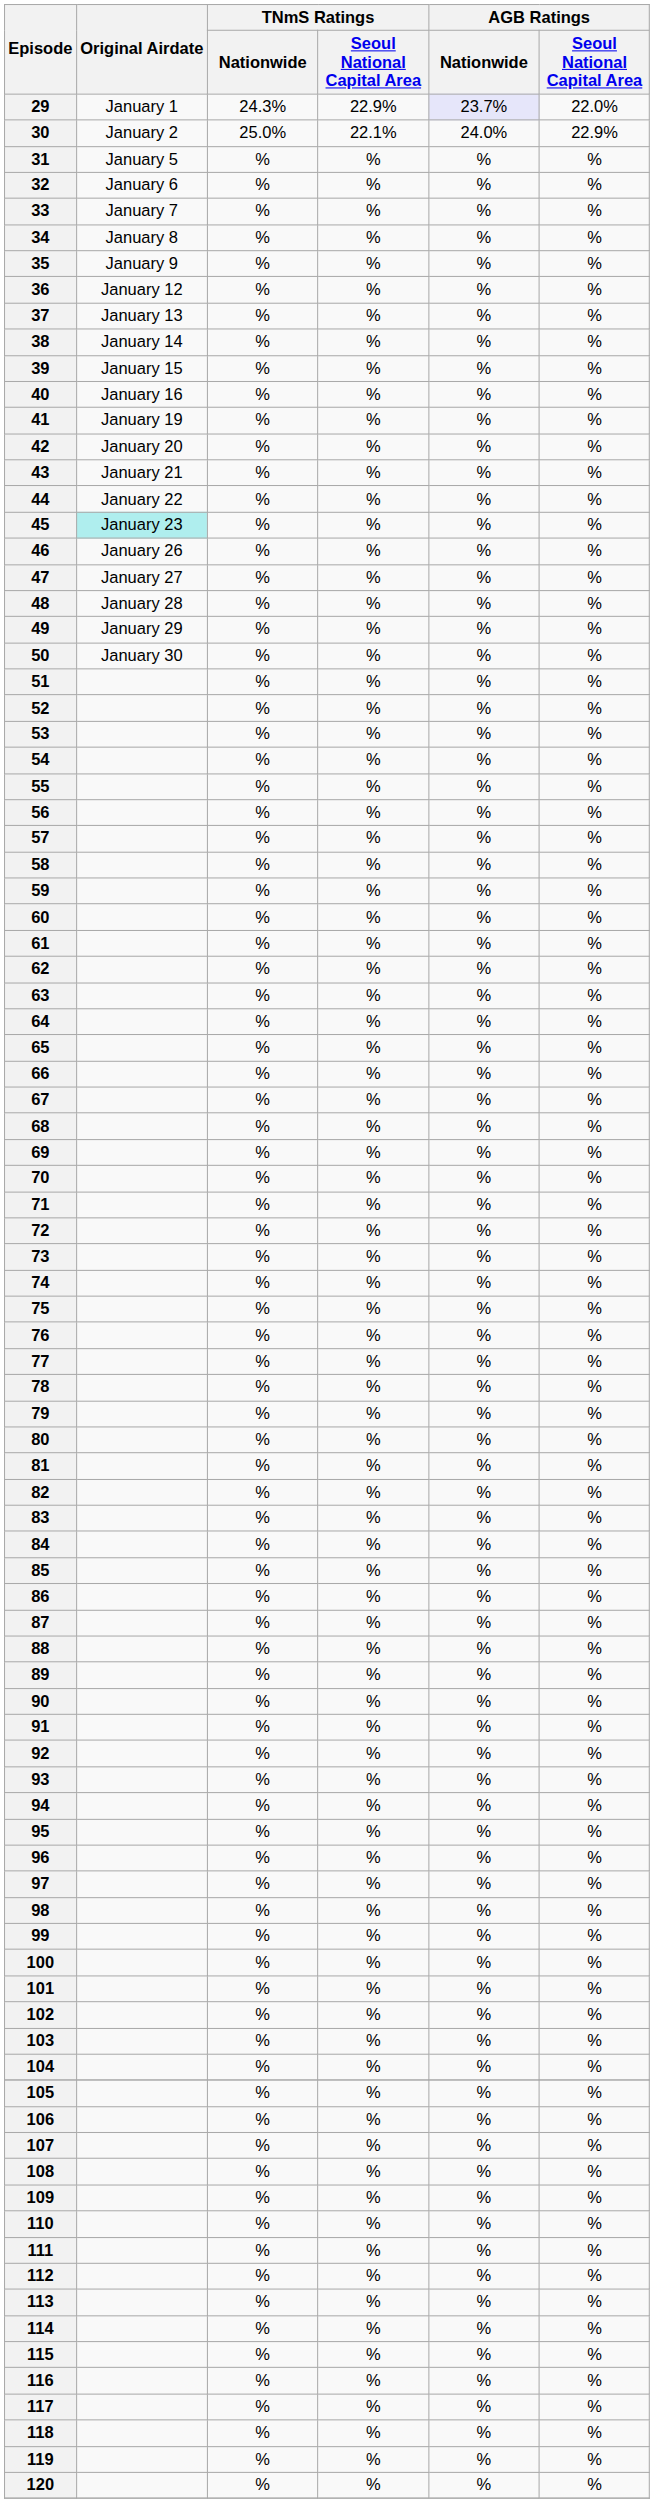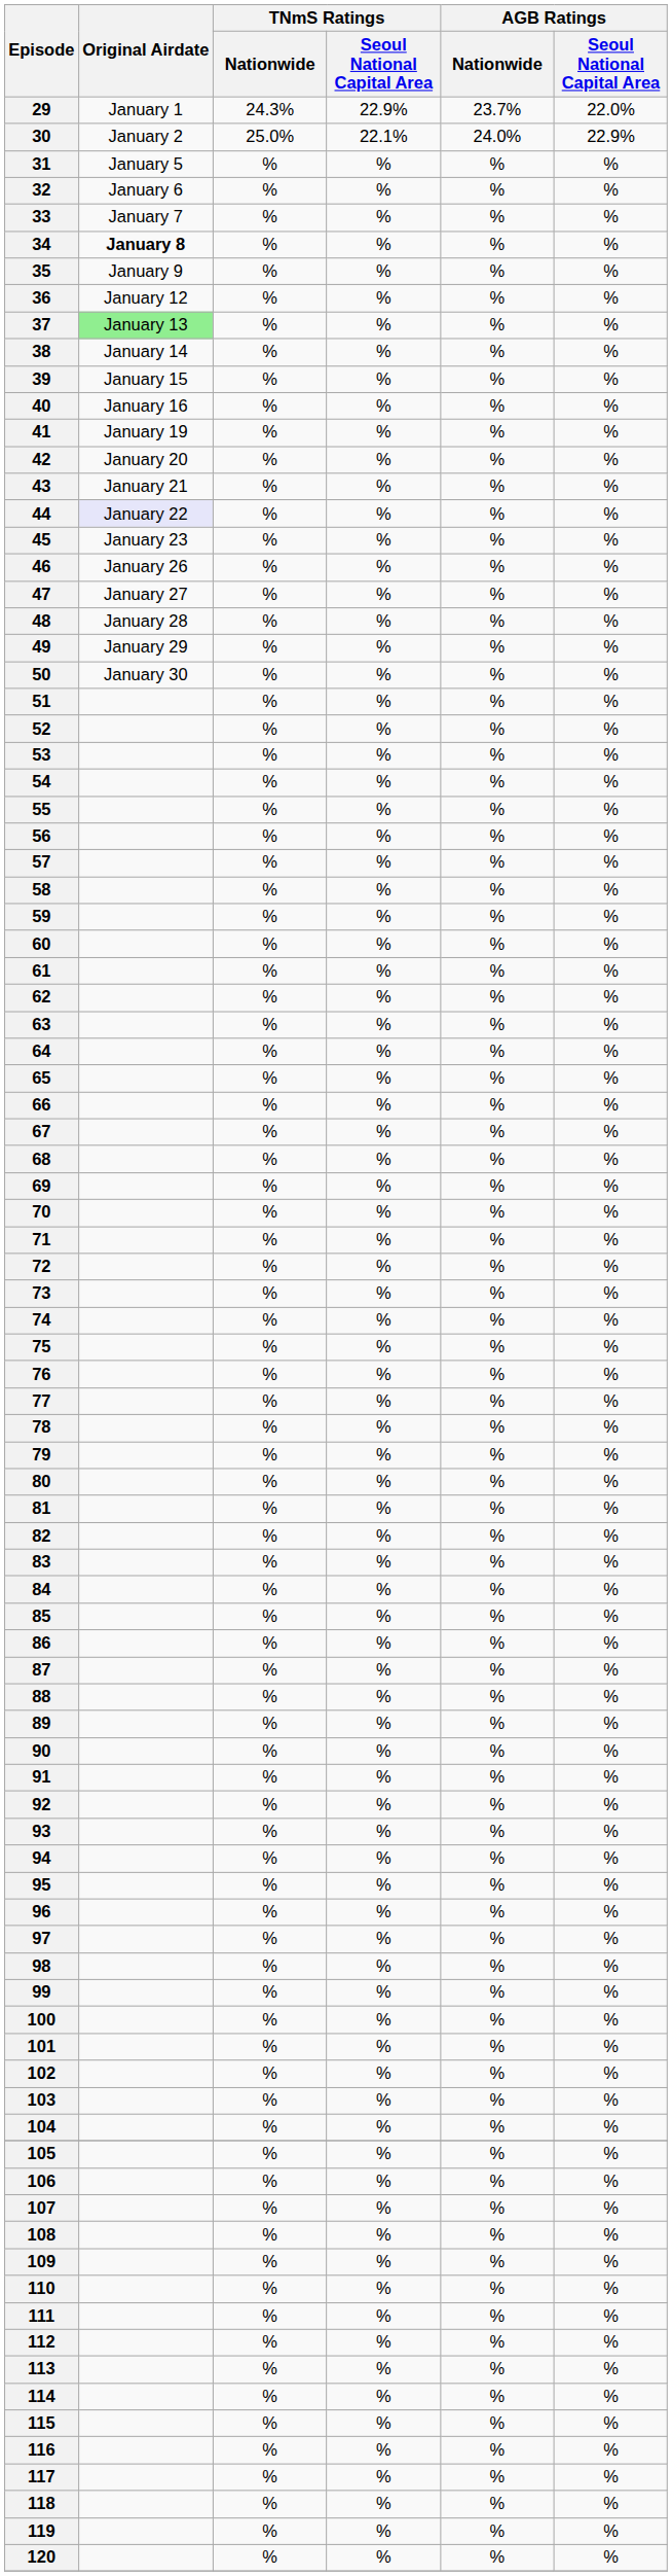 <table class=wikitable style="text-align:center">
 <tr>
 <th rowspan="2" width=40>Episode</th>
 <th rowspan="2" width=120>Original Airdate</th>
 <th colspan="2">TNmS Ratings</th>
 <th colspan="2">AGB Ratings</th>
 </tr>
 <tr>
 <th width=100>Nationwide</th>
 <th width=100><a href='#'>Seoul National Capital Area</a></th>
 <th width=100>Nationwide</th>
 <th width=100><a href='#'>Seoul National Capital Area</a></th>
 </tr>
 <tr>
 <th>29</th>
 <td>January 1</td>
 <td>24.3%</td>
 <td>22.9%</td>
-<td style="background: lavender;">23.7%</td>
+<td>23.7%</td>
 <td>22.0%</td>
 </tr>
 <tr align=center>
 <th>30</th>
 <td>January 2</td>
 <td>25.0%</td>
 <td>22.1%</td>
 <td>24.0%</td>
 <td>22.9%</td>
 </tr>
 <tr align=center>
 <th>31</th>
 <td>January 5</td>
 <td>%</td>
 <td>%</td>
 <td>%</td>
 <td>%</td>
 </tr>
 <tr align=center>
 <th>32</th>
 <td>January 6</td>
 <td>%</td>
 <td>%</td>
 <td>%</td>
 <td>%</td>
 </tr>
 <tr align=center>
 <th>33</th>
 <td>January 7</td>
 <td>%</td>
 <td>%</td>
 <td>%</td>
 <td>%</td>
 </tr>
 <tr align=center>
 <th>34</th>
-<td>January 8</td>
+<td><strong>January 8</strong></td>
 <td>%</td>
 <td>%</td>
 <td>%</td>
 <td>%</td>
 </tr>
 <tr align=center>
 <th>35</th>
 <td>January 9</td>
 <td>%</td>
 <td>%</td>
 <td>%</td>
 <td>%</td>
 </tr>
 <tr align=center>
 <th>36</th>
 <td>January 12</td>
 <td>%</td>
 <td>%</td>
 <td>%</td>
 <td>%</td>
 </tr>
 <tr align=center>
 <th>37</th>
-<td>January 13</td>
+<td style="background: lightgreen;">January 13</td>
 <td>%</td>
 <td>%</td>
 <td>%</td>
 <td>%</td>
 </tr>
 <tr align=center>
 <th>38</th>
 <td>January 14</td>
 <td>%</td>
 <td>%</td>
 <td>%</td>
 <td>%</td>
 </tr>
 <tr align=center>
 <th>39</th>
 <td>January 15</td>
 <td>%</td>
 <td>%</td>
 <td>%</td>
 <td>%</td>
 </tr>
 <tr align=center>
 <th>40</th>
 <td>January 16</td>
 <td>%</td>
 <td>%</td>
 <td>%</td>
 <td>%</td>
 </tr>
 <tr align=center>
 <th>41</th>
 <td>January 19</td>
 <td>%</td>
 <td>%</td>
 <td>%</td>
 <td>%</td>
 </tr>
 <tr align=center>
 <th>42</th>
 <td>January 20</td>
 <td>%</td>
 <td>%</td>
 <td>%</td>
 <td>%</td>
 </tr>
 <tr align=center>
 <th>43</th>
 <td>January 21</td>
 <td>%</td>
 <td>%</td>
 <td>%</td>
 <td>%</td>
 </tr>
 <tr align=center>
 <th>44</th>
-<td>January 22</td>
+<td style="background: lavender;">January 22</td>
 <td>%</td>
 <td>%</td>
 <td>%</td>
 <td>%</td>
 </tr>
 <tr align=center>
 <th>45</th>
-<td style="background: paleturquoise;">January 23</td>
+<td>January 23</td>
 <td>%</td>
 <td>%</td>
 <td>%</td>
 <td>%</td>
 </tr>
 <tr align=center>
 <th>46</th>
 <td>January 26</td>
 <td>%</td>
 <td>%</td>
 <td>%</td>
 <td>%</td>
 </tr>
 <tr align=center>
 <th>47</th>
 <td>January 27</td>
 <td>%</td>
 <td>%</td>
 <td>%</td>
 <td>%</td>
 </tr>
 <tr align=center>
 <th>48</th>
 <td>January 28</td>
 <td>%</td>
 <td>%</td>
 <td>%</td>
 <td>%</td>
 </tr>
 <tr align=center>
 <th>49</th>
 <td>January 29</td>
 <td>%</td>
 <td>%</td>
 <td>%</td>
 <td>%</td>
 </tr>
 <tr align=center>
 <th>50</th>
 <td>January 30</td>
 <td>%</td>
 <td>%</td>
 <td>%</td>
 <td>%</td>
 </tr>
 <tr align=center>
 <th>51</th>
 <td></td>
 <td>%</td>
 <td>%</td>
 <td>%</td>
 <td>%</td>
 </tr>
 <tr align=center>
 <th>52</th>
 <td></td>
 <td>%</td>
 <td>%</td>
 <td>%</td>
 <td>%</td>
 </tr>
 <tr align=center>
 <th>53</th>
 <td></td>
 <td>%</td>
 <td>%</td>
 <td>%</td>
 <td>%</td>
 </tr>
 <tr align=center>
 <th>54</th>
 <td></td>
 <td>%</td>
 <td>%</td>
 <td>%</td>
 <td>%</td>
 </tr>
 <tr align=center>
 <th>55</th>
 <td></td>
 <td>%</td>
 <td>%</td>
 <td>%</td>
 <td>%</td>
 </tr>
 <tr align=center>
 <th>56</th>
 <td></td>
 <td>%</td>
 <td>%</td>
 <td>%</td>
 <td>%</td>
 </tr>
 <tr align=center>
 <th>57</th>
 <td></td>
 <td>%</td>
 <td>%</td>
 <td>%</td>
 <td>%</td>
 </tr>
 <tr align=center>
 <th>58</th>
 <td></td>
 <td>%</td>
 <td>%</td>
 <td>%</td>
 <td>%</td>
 </tr>
 <tr align=center>
 <th>59</th>
 <td></td>
 <td>%</td>
 <td>%</td>
 <td>%</td>
 <td>%</td>
 </tr>
 <tr align=center>
 <th>60</th>
 <td></td>
 <td>%</td>
 <td>%</td>
 <td>%</td>
 <td>%</td>
 </tr>
 <tr align=center>
 <th>61</th>
 <td></td>
 <td>%</td>
 <td>%</td>
 <td>%</td>
 <td>%</td>
 </tr>
 <tr align=center>
 <th>62</th>
 <td></td>
 <td>%</td>
 <td>%</td>
 <td>%</td>
 <td>%</td>
 </tr>
 <tr align=center>
 <th>63</th>
 <td></td>
 <td>%</td>
 <td>%</td>
 <td>%</td>
 <td>%</td>
 </tr>
 <tr align=center>
 <th>64</th>
 <td></td>
 <td>%</td>
 <td>%</td>
 <td>%</td>
 <td>%</td>
 </tr>
 <tr align=center>
 <th>65</th>
 <td></td>
 <td>%</td>
 <td>%</td>
 <td>%</td>
 <td>%</td>
 </tr>
 <tr align=center>
 <th>66</th>
 <td></td>
 <td>%</td>
 <td>%</td>
 <td>%</td>
 <td>%</td>
 </tr>
 <tr align=center>
 <th>67</th>
 <td></td>
 <td>%</td>
 <td>%</td>
 <td>%</td>
 <td>%</td>
 </tr>
 <tr align=center>
 <th>68</th>
 <td></td>
 <td>%</td>
 <td>%</td>
 <td>%</td>
 <td>%</td>
 </tr>
 <tr align=center>
 <th>69</th>
 <td></td>
 <td>%</td>
 <td>%</td>
 <td>%</td>
 <td>%</td>
 </tr>
 <tr align=center>
 <th>70</th>
 <td></td>
 <td>%</td>
 <td>%</td>
 <td>%</td>
 <td>%</td>
 </tr>
 <tr align=center>
 <th>71</th>
 <td></td>
 <td>%</td>
 <td>%</td>
 <td>%</td>
 <td>%</td>
 </tr>
 <tr align=center>
 <th>72</th>
 <td></td>
 <td>%</td>
 <td>%</td>
 <td>%</td>
 <td>%</td>
 </tr>
 <tr align=center>
 <th>73</th>
 <td></td>
 <td>%</td>
 <td>%</td>
 <td>%</td>
 <td>%</td>
 </tr>
 <tr align=center>
 <th>74</th>
 <td></td>
 <td>%</td>
 <td>%</td>
 <td>%</td>
 <td>%</td>
 </tr>
 <tr align=center>
 <th>75</th>
 <td></td>
 <td>%</td>
 <td>%</td>
 <td>%</td>
 <td>%</td>
 </tr>
 <tr align=center>
 <th>76</th>
 <td></td>
 <td>%</td>
 <td>%</td>
 <td>%</td>
 <td>%</td>
 </tr>
 <tr align=center>
 <th>77</th>
 <td></td>
 <td>%</td>
 <td>%</td>
 <td>%</td>
 <td>%</td>
 </tr>
 <tr align=center>
 <th>78</th>
 <td></td>
 <td>%</td>
 <td>%</td>
 <td>%</td>
 <td>%</td>
 </tr>
 <tr align=center>
 <th>79</th>
 <td></td>
 <td>%</td>
 <td>%</td>
 <td>%</td>
 <td>%</td>
 </tr>
 <tr align=center>
 <th>80</th>
 <td></td>
 <td>%</td>
 <td>%</td>
 <td>%</td>
 <td>%</td>
 </tr>
 <tr align=center>
 <th>81</th>
 <td></td>
 <td>%</td>
 <td>%</td>
 <td>%</td>
 <td>%</td>
 </tr>
 <tr align=center>
 <th>82</th>
 <td></td>
 <td>%</td>
 <td>%</td>
 <td>%</td>
 <td>%</td>
 </tr>
 <tr align=center>
 <th>83</th>
 <td></td>
 <td>%</td>
 <td>%</td>
 <td>%</td>
 <td>%</td>
 </tr>
 <tr align=center>
 <th>84</th>
 <td></td>
 <td>%</td>
 <td>%</td>
 <td>%</td>
 <td>%</td>
 </tr>
 <tr align=center>
 <th>85</th>
 <td></td>
 <td>%</td>
 <td>%</td>
 <td>%</td>
 <td>%</td>
 </tr>
 <tr align=center>
 <th>86</th>
 <td></td>
 <td>%</td>
 <td>%</td>
 <td>%</td>
 <td>%</td>
 </tr>
 <tr align=center>
 <th>87</th>
 <td></td>
 <td>%</td>
 <td>%</td>
 <td>%</td>
 <td>%</td>
 </tr>
 <tr align=center>
 <th>88</th>
 <td></td>
 <td>%</td>
 <td>%</td>
 <td>%</td>
 <td>%</td>
 </tr>
 <tr align=center>
 <th>89</th>
 <td></td>
 <td>%</td>
 <td>%</td>
 <td>%</td>
 <td>%</td>
 </tr>
 <tr align=center>
 <th>90</th>
 <td></td>
 <td>%</td>
 <td>%</td>
 <td>%</td>
 <td>%</td>
 </tr>
 <tr align=center>
 <th>91</th>
 <td></td>
 <td>%</td>
 <td>%</td>
 <td>%</td>
 <td>%</td>
 </tr>
 <tr align=center>
 <th>92</th>
 <td></td>
 <td>%</td>
 <td>%</td>
 <td>%</td>
 <td>%</td>
 </tr>
 <tr align=center>
 <th>93</th>
 <td></td>
 <td>%</td>
 <td>%</td>
 <td>%</td>
 <td>%</td>
 </tr>
 <tr align=center>
 <th>94</th>
 <td></td>
 <td>%</td>
 <td>%</td>
 <td>%</td>
 <td>%</td>
 </tr>
 <tr align=center>
 <th>95</th>
 <td></td>
 <td>%</td>
 <td>%</td>
 <td>%</td>
 <td>%</td>
 </tr>
 <tr align=center>
 <th>96</th>
 <td></td>
 <td>%</td>
 <td>%</td>
 <td>%</td>
 <td>%</td>
 </tr>
 <tr align=center>
 <th>97</th>
 <td></td>
 <td>%</td>
 <td>%</td>
 <td>%</td>
 <td>%</td>
 </tr>
 <tr align=center>
 <th>98</th>
 <td></td>
 <td>%</td>
 <td>%</td>
 <td>%</td>
 <td>%</td>
 </tr>
 <tr align=center>
 <th>99</th>
 <td></td>
 <td>%</td>
 <td>%</td>
 <td>%</td>
 <td>%</td>
 </tr>
 <tr align=center>
 <th>100</th>
 <td></td>
 <td>%</td>
 <td>%</td>
 <td>%</td>
 <td>%</td>
 </tr>
 <tr align=center>
 <th>101</th>
 <td></td>
 <td>%</td>
 <td>%</td>
 <td>%</td>
 <td>%</td>
 </tr>
 <tr align=center>
 <th>102</th>
 <td></td>
 <td>%</td>
 <td>%</td>
 <td>%</td>
 <td>%</td>
 </tr>
 <tr align=center>
 <th>103</th>
 <td></td>
 <td>%</td>
 <td>%</td>
 <td>%</td>
 <td>%</td>
 </tr>
 <tr align=center>
 <th>104</th>
 <td></td>
 <td>%</td>
 <td>%</td>
 <td>%</td>
 <td>%</td>
 </tr>
 <tr align=center>
 </tr>
 <tr align=center>
 <th>105</th>
 <td></td>
 <td>%</td>
 <td>%</td>
 <td>%</td>
 <td>%</td>
 </tr>
 <tr align=center>
 <th>106</th>
 <td></td>
 <td>%</td>
 <td>%</td>
 <td>%</td>
 <td>%</td>
 </tr>
 <tr align=center>
 <th>107</th>
 <td></td>
 <td>%</td>
 <td>%</td>
 <td>%</td>
 <td>%</td>
 </tr>
 <tr align=center>
 <th>108</th>
 <td></td>
 <td>%</td>
 <td>%</td>
 <td>%</td>
 <td>%</td>
 </tr>
 <tr align=center>
 <th>109</th>
 <td></td>
 <td>%</td>
 <td>%</td>
 <td>%</td>
 <td>%</td>
 </tr>
 <tr align=center>
 <th>110</th>
 <td></td>
 <td>%</td>
 <td>%</td>
 <td>%</td>
 <td>%</td>
 </tr>
 <tr align=center>
 <th>111</th>
 <td></td>
 <td>%</td>
 <td>%</td>
 <td>%</td>
 <td>%</td>
 </tr>
 <tr align=center>
 <th>112</th>
 <td></td>
 <td>%</td>
 <td>%</td>
 <td>%</td>
 <td>%</td>
 </tr>
 <tr align=center>
 <th>113</th>
 <td></td>
 <td>%</td>
 <td>%</td>
 <td>%</td>
 <td>%</td>
 </tr>
 <tr align=center>
 <th>114</th>
 <td></td>
 <td>%</td>
 <td>%</td>
 <td>%</td>
 <td>%</td>
 </tr>
 <tr align=center>
 <th>115</th>
 <td></td>
 <td>%</td>
 <td>%</td>
 <td>%</td>
 <td>%</td>
 </tr>
 <tr align=center>
 <th>116</th>
 <td></td>
 <td>%</td>
 <td>%</td>
 <td>%</td>
 <td>%</td>
 </tr>
 <tr align=center>
 <th>117</th>
 <td></td>
 <td>%</td>
 <td>%</td>
 <td>%</td>
 <td>%</td>
 </tr>
 <tr align=center>
 <th>118</th>
 <td></td>
 <td>%</td>
 <td>%</td>
 <td>%</td>
 <td>%</td>
 </tr>
 <tr align=center>
 <th>119</th>
 <td></td>
 <td>%</td>
 <td>%</td>
 <td>%</td>
 <td>%</td>
 </tr>
 <tr align=center>
 <th>120</th>
 <td></td>
 <td>%</td>
 <td>%</td>
 <td>%</td>
 <td>%</td>
 </tr>
 <tr align=center>
 </tr>
 </table>
